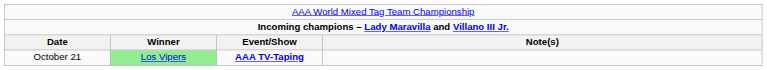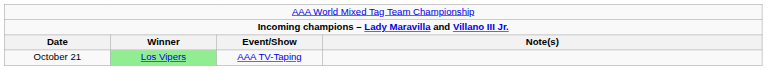 <table class="wikitable" style="text-align:center; width:100%;">
 <tr>
 <td colspan="4" style="text-align: center;"><a href='#'>AAA World Mixed Tag Team Championship</a></td>
 </tr>
 <tr>
 <td colspan="4" style="text-align: center;"><strong>Incoming champions – <a href='#'>Lady Maravilla</a> and <a href='#'>Villano III Jr.</a></strong></td>
 </tr>
 <tr>
 <th width=14%>Date</th>
 <th width=14%>Winner</th>
 <th width=14%>Event/Show</th>
 <th width=58%>Note(s)</th>
 </tr>
 <tr>
 <td>October 21</td>
 <td style="background: lightgreen;"><a href='#'>Los Vipers</a><br></td>
-<td><strong><a href='#'>AAA TV-Taping</a></strong></td>
+<td><a href='#'>AAA TV-Taping</a></td>
 <td></td>
 </tr>
 </table>
